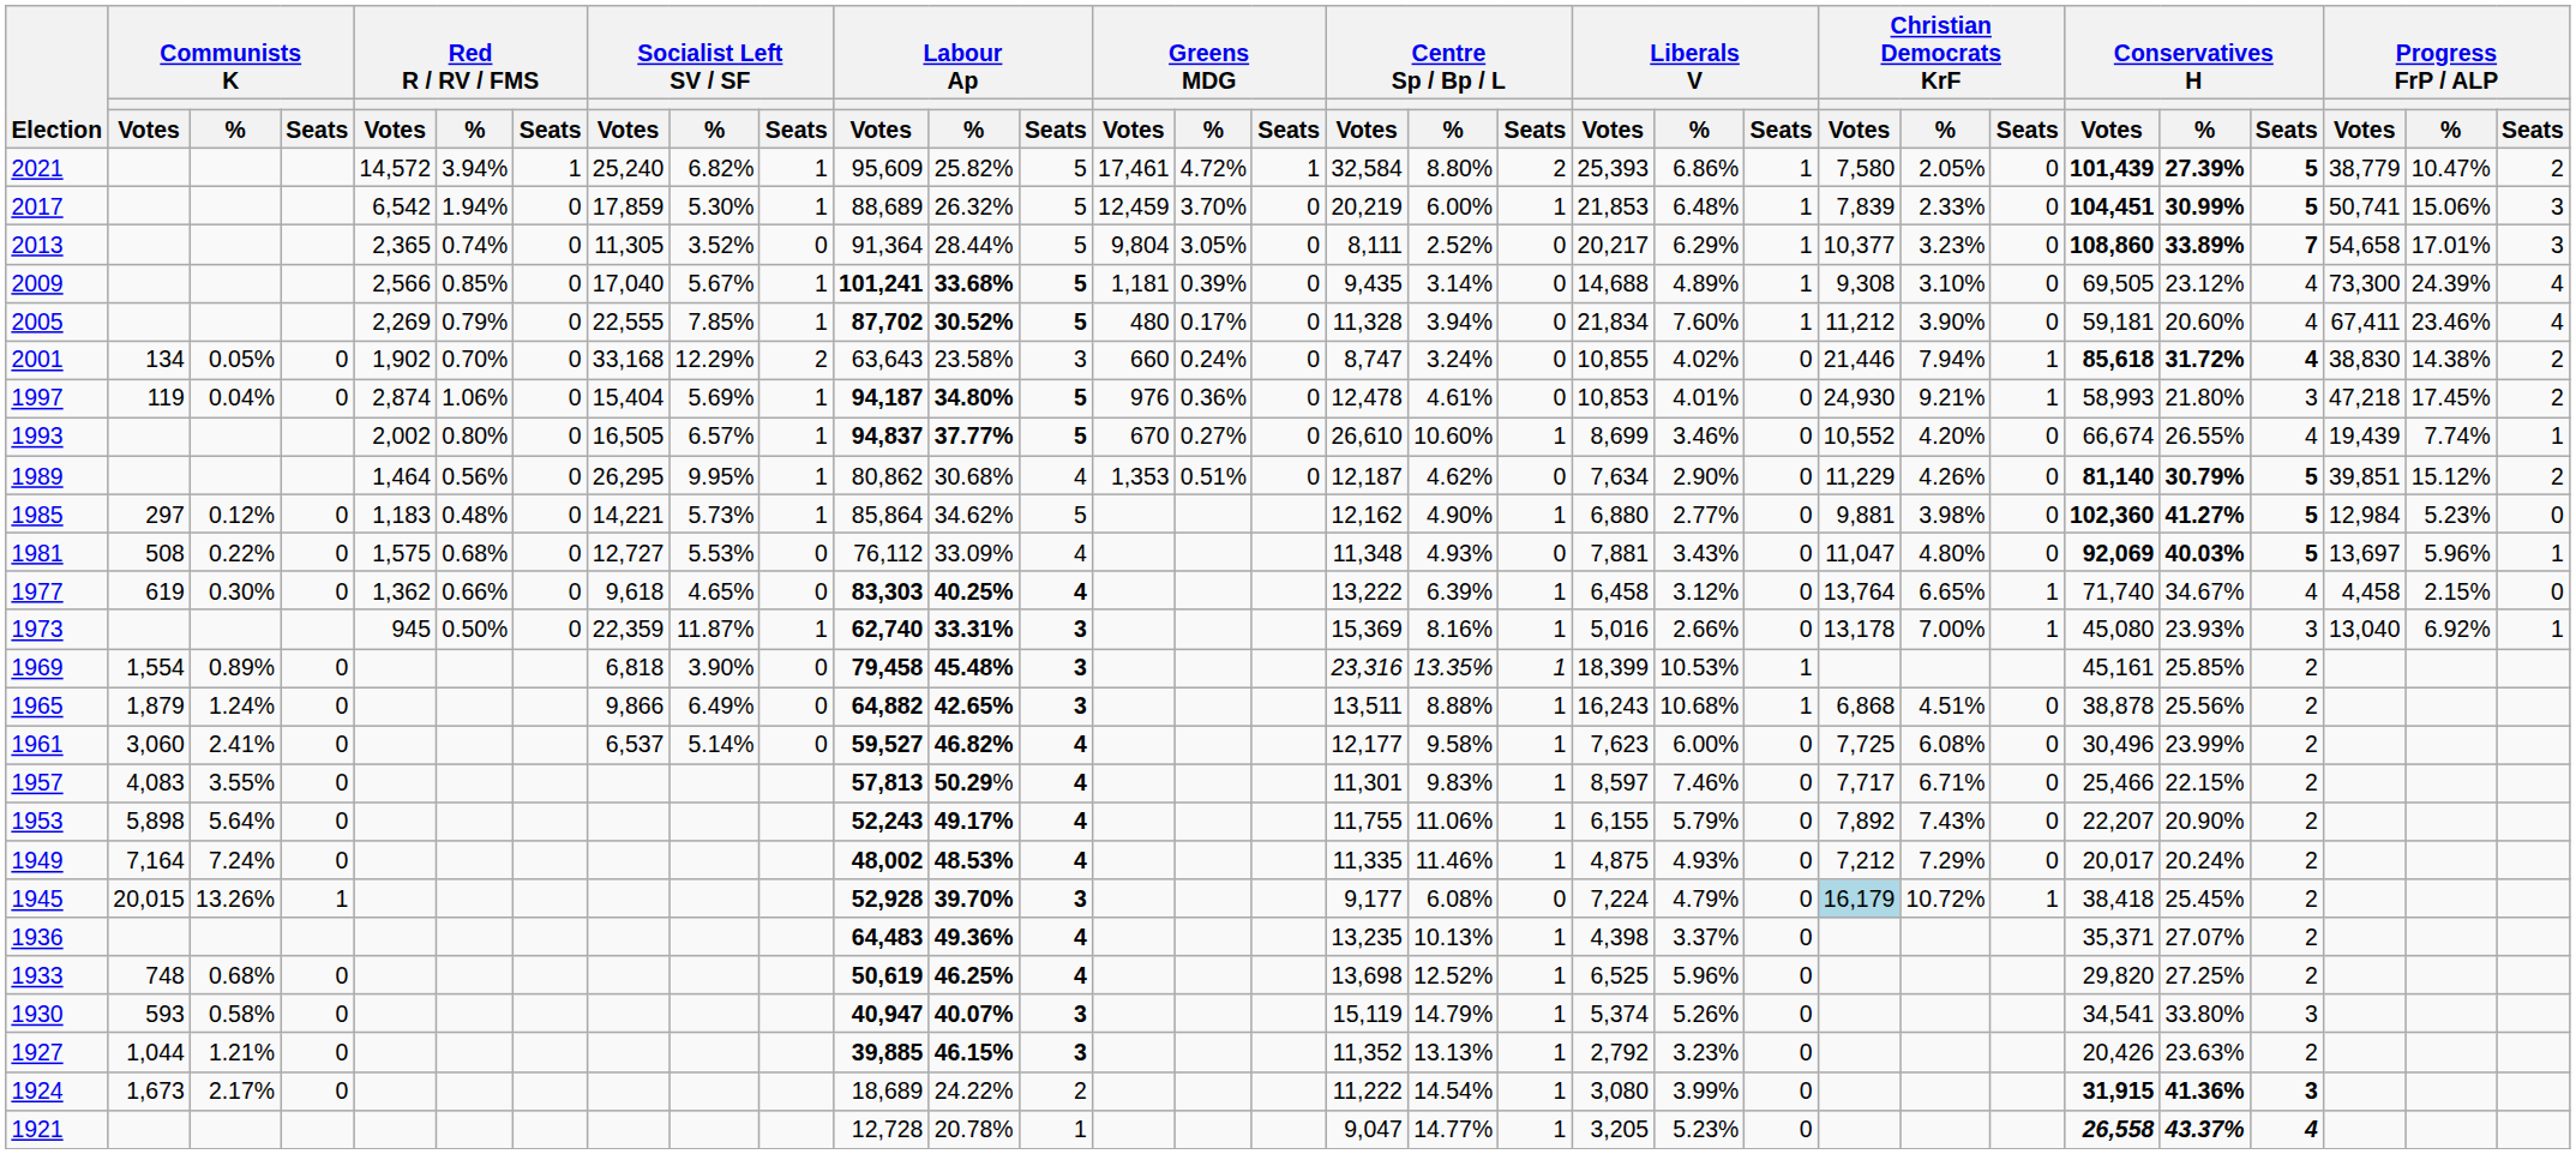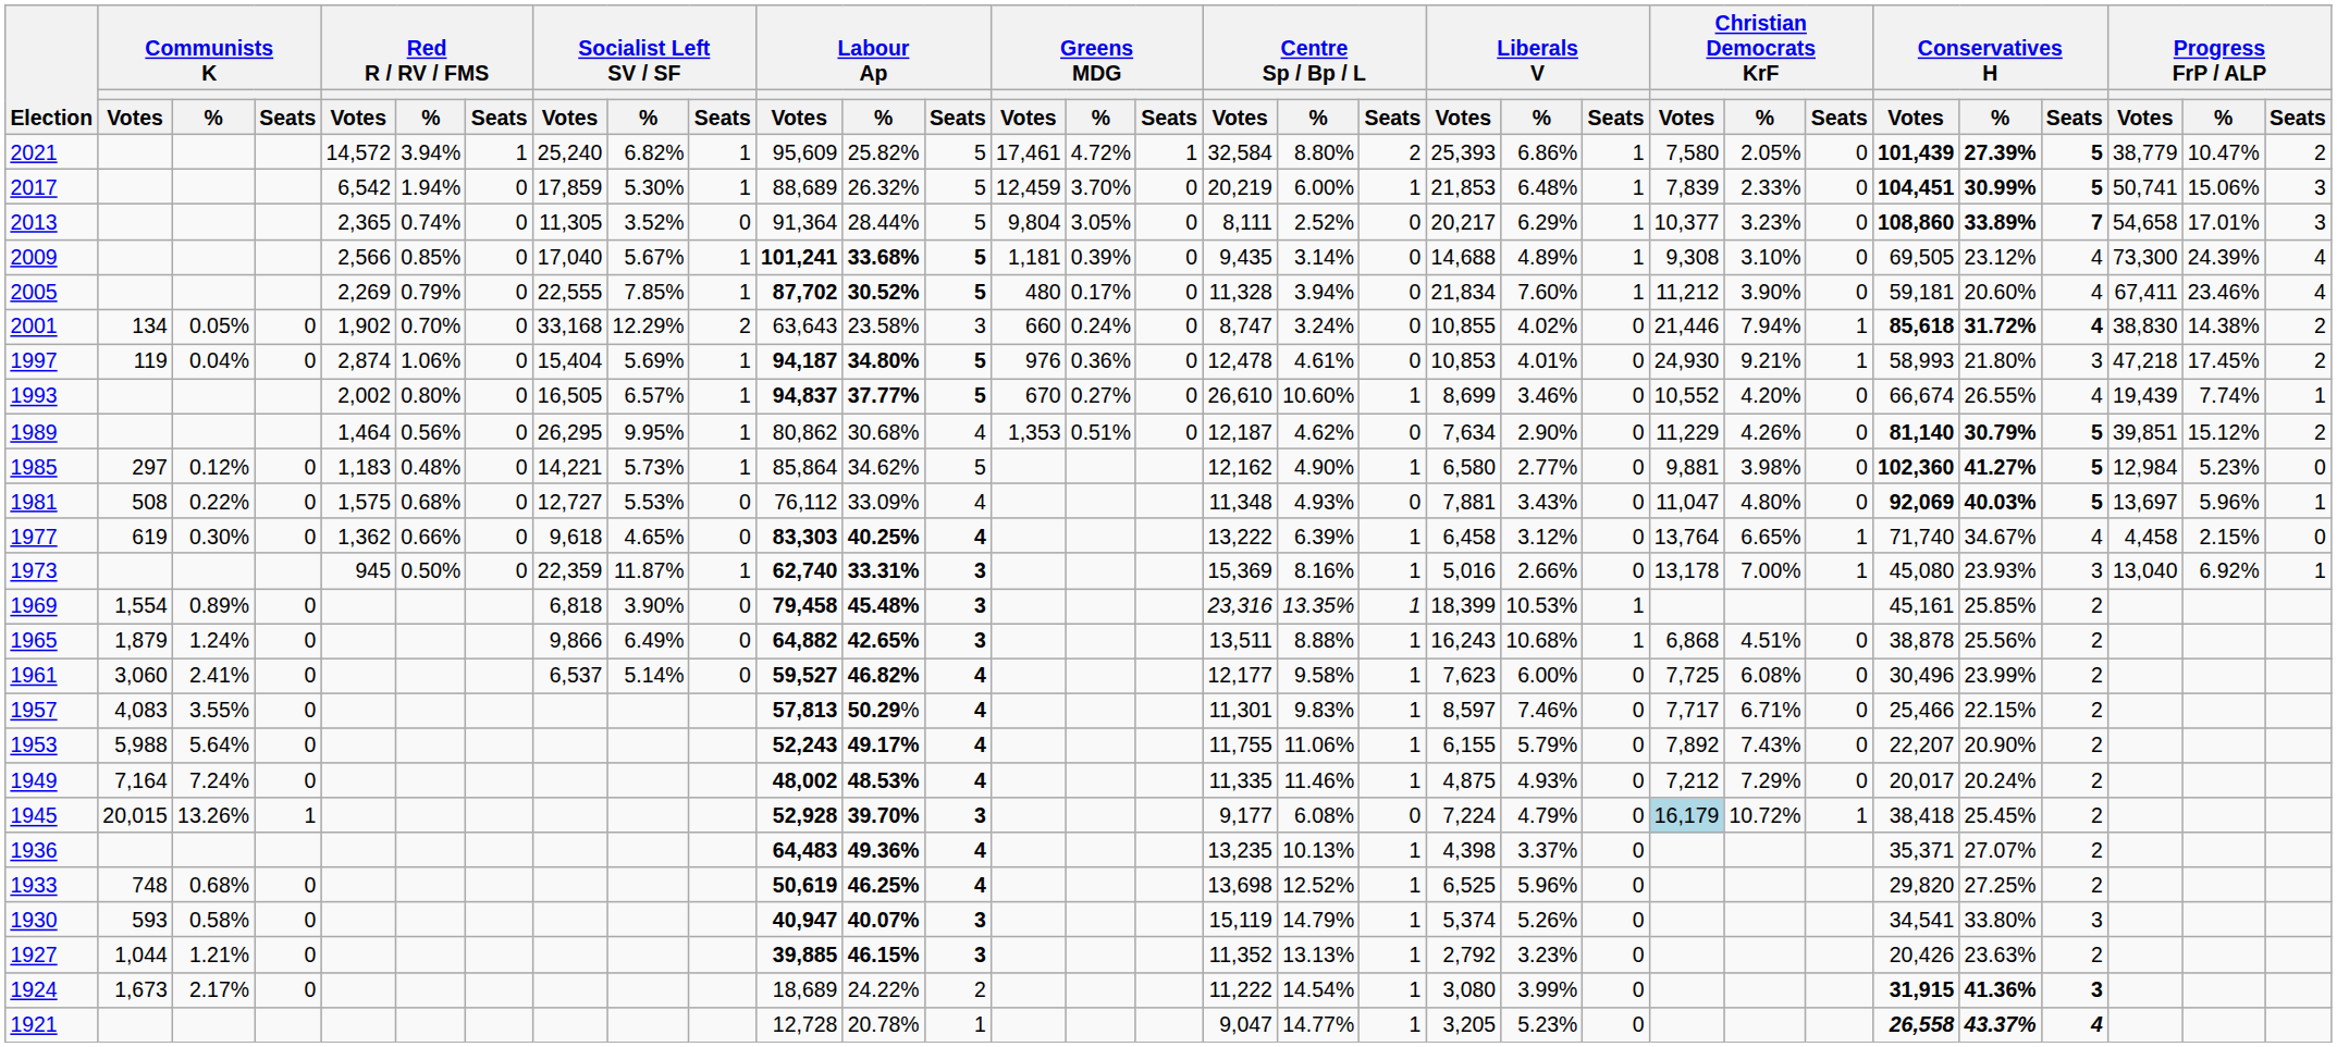 <table class="wikitable" border="1" style="font-size:80%; text-align:right;">
 <tr>
 <th style="text-align:left;" valign=bottom rowspan=3>Election</th>
 <th valign=bottom colspan=3><a href='#'>Communists</a><br>K</th>
 <th valign=bottom colspan=3><a href='#'>Red</a><br>R / RV / FMS</th>
 <th valign=bottom colspan=3><a href='#'>Socialist Left</a><br>SV / SF</th>
 <th valign=bottom colspan=3><a href='#'>Labour</a><br>Ap</th>
 <th valign=bottom colspan=3><a href='#'>Greens</a><br>MDG</th>
 <th valign=bottom colspan=3><a href='#'>Centre</a><br>Sp / Bp / L</th>
 <th valign=bottom colspan=3><a href='#'>Liberals</a><br>V</th>
 <th valign=bottom colspan=3><a href='#'>Christian<br>Democrats</a><br>KrF</th>
 <th valign=bottom colspan=3><a href='#'>Conservatives</a><br>H</th>
 <th valign=bottom colspan=3><a href='#'>Progress</a><br>FrP / ALP</th>
 </tr>
 <tr>
 <th colspan=3 style="background:"></th>
 <th colspan=3 style="background:"></th>
 <th colspan=3 style="background:"></th>
 <th colspan=3 style="background:"></th>
 <th colspan=3 style="background:"></th>
 <th colspan=3 style="background:"></th>
 <th colspan=3 style="background:"></th>
 <th colspan=3 style="background:"></th>
 <th colspan=3 style="background:"></th>
 <th colspan=3 style="background:"></th>
 </tr>
 <tr>
 <th>Votes</th>
 <th>%</th>
 <th>Seats</th>
 <th>Votes</th>
 <th>%</th>
 <th>Seats</th>
 <th>Votes</th>
 <th>%</th>
 <th>Seats</th>
 <th>Votes</th>
 <th>%</th>
 <th>Seats</th>
 <th>Votes</th>
 <th>%</th>
 <th>Seats</th>
 <th>Votes</th>
 <th>%</th>
 <th>Seats</th>
 <th>Votes</th>
 <th>%</th>
 <th>Seats</th>
 <th>Votes</th>
 <th>%</th>
 <th>Seats</th>
 <th>Votes</th>
 <th>%</th>
 <th>Seats</th>
 <th>Votes</th>
 <th>%</th>
 <th>Seats</th>
 </tr>
 <tr>
 <td align=left><a href='#'>2021</a></td>
 <td></td>
 <td></td>
 <td></td>
 <td>14,572</td>
 <td>3.94%</td>
 <td>1</td>
 <td>25,240</td>
 <td>6.82%</td>
 <td>1</td>
 <td>95,609</td>
 <td>25.82%</td>
 <td>5</td>
 <td>17,461</td>
 <td>4.72%</td>
 <td>1</td>
 <td>32,584</td>
 <td>8.80%</td>
 <td>2</td>
 <td>25,393</td>
 <td>6.86%</td>
 <td>1</td>
 <td>7,580</td>
 <td>2.05%</td>
 <td>0</td>
 <td><strong>101,439</strong></td>
 <td><strong>27.39%</strong></td>
 <td><strong>5</strong></td>
 <td>38,779</td>
 <td>10.47%</td>
 <td>2</td>
 </tr>
 <tr>
 <td align=left><a href='#'>2017</a></td>
 <td></td>
 <td></td>
 <td></td>
 <td>6,542</td>
 <td>1.94%</td>
 <td>0</td>
 <td>17,859</td>
 <td>5.30%</td>
 <td>1</td>
 <td>88,689</td>
 <td>26.32%</td>
 <td>5</td>
 <td>12,459</td>
 <td>3.70%</td>
 <td>0</td>
 <td>20,219</td>
 <td>6.00%</td>
 <td>1</td>
 <td>21,853</td>
 <td>6.48%</td>
 <td>1</td>
 <td>7,839</td>
 <td>2.33%</td>
 <td>0</td>
 <td><strong>104,451</strong></td>
 <td><strong>30.99%</strong></td>
 <td><strong>5</strong></td>
 <td>50,741</td>
 <td>15.06%</td>
 <td>3</td>
 </tr>
 <tr>
 <td align=left><a href='#'>2013</a></td>
 <td></td>
 <td></td>
 <td></td>
 <td>2,365</td>
 <td>0.74%</td>
 <td>0</td>
 <td>11,305</td>
 <td>3.52%</td>
 <td>0</td>
 <td>91,364</td>
 <td>28.44%</td>
 <td>5</td>
 <td>9,804</td>
 <td>3.05%</td>
 <td>0</td>
 <td>8,111</td>
 <td>2.52%</td>
 <td>0</td>
 <td>20,217</td>
 <td>6.29%</td>
 <td>1</td>
 <td>10,377</td>
 <td>3.23%</td>
 <td>0</td>
 <td><strong>108,860</strong></td>
 <td><strong>33.89%</strong></td>
 <td><strong>7</strong></td>
 <td>54,658</td>
 <td>17.01%</td>
 <td>3</td>
 </tr>
 <tr>
 <td align=left><a href='#'>2009</a></td>
 <td></td>
 <td></td>
 <td></td>
 <td>2,566</td>
 <td>0.85%</td>
 <td>0</td>
 <td>17,040</td>
 <td>5.67%</td>
 <td>1</td>
 <td><strong>101,241</strong></td>
 <td><strong>33.68%</strong></td>
 <td><strong>5</strong></td>
 <td>1,181</td>
 <td>0.39%</td>
 <td>0</td>
 <td>9,435</td>
 <td>3.14%</td>
 <td>0</td>
 <td>14,688</td>
 <td>4.89%</td>
 <td>1</td>
 <td>9,308</td>
 <td>3.10%</td>
 <td>0</td>
 <td>69,505</td>
 <td>23.12%</td>
 <td>4</td>
 <td>73,300</td>
 <td>24.39%</td>
 <td>4</td>
 </tr>
 <tr>
 <td align=left><a href='#'>2005</a></td>
 <td></td>
 <td></td>
 <td></td>
 <td>2,269</td>
 <td>0.79%</td>
 <td>0</td>
 <td>22,555</td>
 <td>7.85%</td>
 <td>1</td>
 <td><strong>87,702</strong></td>
 <td><strong>30.52%</strong></td>
 <td><strong>5</strong></td>
 <td>480</td>
 <td>0.17%</td>
 <td>0</td>
 <td>11,328</td>
 <td>3.94%</td>
 <td>0</td>
 <td>21,834</td>
 <td>7.60%</td>
 <td>1</td>
 <td>11,212</td>
 <td>3.90%</td>
 <td>0</td>
 <td>59,181</td>
 <td>20.60%</td>
 <td>4</td>
 <td>67,411</td>
 <td>23.46%</td>
 <td>4</td>
 </tr>
 <tr>
 <td align=left><a href='#'>2001</a></td>
 <td>134</td>
 <td>0.05%</td>
 <td>0</td>
 <td>1,902</td>
 <td>0.70%</td>
 <td>0</td>
 <td>33,168</td>
 <td>12.29%</td>
 <td>2</td>
 <td>63,643</td>
 <td>23.58%</td>
 <td>3</td>
 <td>660</td>
 <td>0.24%</td>
 <td>0</td>
 <td>8,747</td>
 <td>3.24%</td>
 <td>0</td>
 <td>10,855</td>
 <td>4.02%</td>
 <td>0</td>
 <td>21,446</td>
 <td>7.94%</td>
 <td>1</td>
 <td><strong>85,618</strong></td>
 <td><strong>31.72%</strong></td>
 <td><strong>4</strong></td>
 <td>38,830</td>
 <td>14.38%</td>
 <td>2</td>
 </tr>
 <tr>
 <td align=left><a href='#'>1997</a></td>
 <td>119</td>
 <td>0.04%</td>
 <td>0</td>
 <td>2,874</td>
 <td>1.06%</td>
 <td>0</td>
 <td>15,404</td>
 <td>5.69%</td>
 <td>1</td>
 <td><strong>94,187</strong></td>
 <td><strong>34.80%</strong></td>
 <td><strong>5</strong></td>
 <td>976</td>
 <td>0.36%</td>
 <td>0</td>
 <td>12,478</td>
 <td>4.61%</td>
 <td>0</td>
 <td>10,853</td>
 <td>4.01%</td>
 <td>0</td>
 <td>24,930</td>
 <td>9.21%</td>
 <td>1</td>
 <td>58,993</td>
 <td>21.80%</td>
 <td>3</td>
 <td>47,218</td>
 <td>17.45%</td>
 <td>2</td>
 </tr>
 <tr>
 <td align=left><a href='#'>1993</a></td>
 <td></td>
 <td></td>
 <td></td>
 <td>2,002</td>
 <td>0.80%</td>
 <td>0</td>
 <td>16,505</td>
 <td>6.57%</td>
 <td>1</td>
 <td><strong>94,837</strong></td>
 <td><strong>37.77%</strong></td>
 <td><strong>5</strong></td>
 <td>670</td>
 <td>0.27%</td>
 <td>0</td>
 <td>26,610</td>
 <td>10.60%</td>
 <td>1</td>
 <td>8,699</td>
 <td>3.46%</td>
 <td>0</td>
 <td>10,552</td>
 <td>4.20%</td>
 <td>0</td>
 <td>66,674</td>
 <td>26.55%</td>
 <td>4</td>
 <td>19,439</td>
 <td>7.74%</td>
 <td>1</td>
 </tr>
 <tr>
 <td align=left><a href='#'>1989</a></td>
 <td></td>
 <td></td>
 <td></td>
 <td>1,464</td>
 <td>0.56%</td>
 <td>0</td>
 <td>26,295</td>
 <td>9.95%</td>
 <td>1</td>
 <td>80,862</td>
 <td>30.68%</td>
 <td>4</td>
 <td>1,353</td>
 <td>0.51%</td>
 <td>0</td>
 <td>12,187</td>
 <td>4.62%</td>
 <td>0</td>
 <td>7,634</td>
 <td>2.90%</td>
 <td>0</td>
 <td>11,229</td>
 <td>4.26%</td>
 <td>0</td>
 <td><strong>81,140</strong></td>
 <td><strong>30.79%</strong></td>
 <td><strong>5</strong></td>
 <td>39,851</td>
 <td>15.12%</td>
 <td>2</td>
 </tr>
 <tr>
 <td align=left><a href='#'>1985</a></td>
 <td>297</td>
 <td>0.12%</td>
 <td>0</td>
 <td>1,183</td>
 <td>0.48%</td>
 <td>0</td>
 <td>14,221</td>
 <td>5.73%</td>
 <td>1</td>
 <td>85,864</td>
 <td>34.62%</td>
 <td>5</td>
 <td></td>
 <td></td>
 <td></td>
 <td>12,162</td>
 <td>4.90%</td>
 <td>1</td>
-<td>6,880</td>
+<td>6,580</td>
 <td>2.77%</td>
 <td>0</td>
 <td>9,881</td>
 <td>3.98%</td>
 <td>0</td>
 <td><strong>102,360</strong></td>
 <td><strong>41.27%</strong></td>
 <td><strong>5</strong></td>
 <td>12,984</td>
 <td>5.23%</td>
 <td>0</td>
 </tr>
 <tr>
 <td align=left><a href='#'>1981</a></td>
 <td>508</td>
 <td>0.22%</td>
 <td>0</td>
 <td>1,575</td>
 <td>0.68%</td>
 <td>0</td>
 <td>12,727</td>
 <td>5.53%</td>
 <td>0</td>
 <td>76,112</td>
 <td>33.09%</td>
 <td>4</td>
 <td></td>
 <td></td>
 <td></td>
 <td>11,348</td>
 <td>4.93%</td>
 <td>0</td>
 <td>7,881</td>
 <td>3.43%</td>
 <td>0</td>
 <td>11,047</td>
 <td>4.80%</td>
 <td>0</td>
 <td><strong>92,069</strong></td>
 <td><strong>40.03%</strong></td>
 <td><strong>5</strong></td>
 <td>13,697</td>
 <td>5.96%</td>
 <td>1</td>
 </tr>
 <tr>
 <td align=left><a href='#'>1977</a></td>
 <td>619</td>
 <td>0.30%</td>
 <td>0</td>
 <td>1,362</td>
 <td>0.66%</td>
 <td>0</td>
 <td>9,618</td>
 <td>4.65%</td>
 <td>0</td>
 <td><strong>83,303</strong></td>
 <td><strong>40.25%</strong></td>
 <td><strong>4</strong></td>
 <td></td>
 <td></td>
 <td></td>
 <td>13,222</td>
 <td>6.39%</td>
 <td>1</td>
 <td>6,458</td>
 <td>3.12%</td>
 <td>0</td>
 <td>13,764</td>
 <td>6.65%</td>
 <td>1</td>
 <td>71,740</td>
 <td>34.67%</td>
 <td>4</td>
 <td>4,458</td>
 <td>2.15%</td>
 <td>0</td>
 </tr>
 <tr>
 <td align=left><a href='#'>1973</a></td>
 <td></td>
 <td></td>
 <td></td>
 <td>945</td>
 <td>0.50%</td>
 <td>0</td>
 <td>22,359</td>
 <td>11.87%</td>
 <td>1</td>
 <td><strong>62,740</strong></td>
 <td><strong>33.31%</strong></td>
 <td><strong>3</strong></td>
 <td></td>
 <td></td>
 <td></td>
 <td>15,369</td>
 <td>8.16%</td>
 <td>1</td>
 <td>5,016</td>
 <td>2.66%</td>
 <td>0</td>
 <td>13,178</td>
 <td>7.00%</td>
 <td>1</td>
 <td>45,080</td>
 <td>23.93%</td>
 <td>3</td>
 <td>13,040</td>
 <td>6.92%</td>
 <td>1</td>
 </tr>
 <tr>
 <td align=left><a href='#'>1969</a></td>
 <td>1,554</td>
 <td>0.89%</td>
 <td>0</td>
 <td></td>
 <td></td>
 <td></td>
 <td>6,818</td>
 <td>3.90%</td>
 <td>0</td>
 <td><strong>79,458</strong></td>
 <td><strong>45.48%</strong></td>
 <td><strong>3</strong></td>
 <td></td>
 <td></td>
 <td></td>
 <td><em>23,316</em></td>
 <td><em>13.35%</em></td>
 <td><em>1</em></td>
 <td>18,399</td>
 <td>10.53%</td>
 <td>1</td>
 <td></td>
 <td></td>
 <td></td>
 <td>45,161</td>
 <td>25.85%</td>
 <td>2</td>
 <td></td>
 <td></td>
 <td></td>
 </tr>
 <tr>
 <td align=left><a href='#'>1965</a></td>
 <td>1,879</td>
 <td>1.24%</td>
 <td>0</td>
 <td></td>
 <td></td>
 <td></td>
 <td>9,866</td>
 <td>6.49%</td>
 <td>0</td>
 <td><strong>64,882</strong></td>
 <td><strong>42.65%</strong></td>
 <td><strong>3</strong></td>
 <td></td>
 <td></td>
 <td></td>
 <td>13,511</td>
 <td>8.88%</td>
 <td>1</td>
 <td>16,243</td>
 <td>10.68%</td>
 <td>1</td>
 <td>6,868</td>
 <td>4.51%</td>
 <td>0</td>
 <td>38,878</td>
 <td>25.56%</td>
 <td>2</td>
 <td></td>
 <td></td>
 <td></td>
 </tr>
 <tr>
 <td align=left><a href='#'>1961</a></td>
 <td>3,060</td>
 <td>2.41%</td>
 <td>0</td>
 <td></td>
 <td></td>
 <td></td>
 <td>6,537</td>
 <td>5.14%</td>
 <td>0</td>
 <td><strong>59,527</strong></td>
 <td><strong>46.82%</strong></td>
 <td><strong>4</strong></td>
 <td></td>
 <td></td>
 <td></td>
 <td>12,177</td>
 <td>9.58%</td>
 <td>1</td>
 <td>7,623</td>
 <td>6.00%</td>
 <td>0</td>
 <td>7,725</td>
 <td>6.08%</td>
 <td>0</td>
 <td>30,496</td>
 <td>23.99%</td>
 <td>2</td>
 <td></td>
 <td></td>
 <td></td>
 </tr>
 <tr>
 <td align=left><a href='#'>1957</a></td>
 <td>4,083</td>
 <td>3.55%</td>
 <td>0</td>
 <td></td>
 <td></td>
 <td></td>
 <td></td>
 <td></td>
 <td></td>
 <td><strong>57,813</strong></td>
 <td><strong>50.29</strong>%</td>
 <td><strong>4</strong></td>
 <td></td>
 <td></td>
 <td></td>
 <td>11,301</td>
 <td>9.83%</td>
 <td>1</td>
 <td>8,597</td>
 <td>7.46%</td>
 <td>0</td>
 <td>7,717</td>
 <td>6.71%</td>
 <td>0</td>
 <td>25,466</td>
 <td>22.15%</td>
 <td>2</td>
 <td></td>
 <td></td>
 <td></td>
 </tr>
 <tr>
 <td align=left><a href='#'>1953</a></td>
-<td>5,898</td>
+<td>5,988</td>
 <td>5.64%</td>
 <td>0</td>
 <td></td>
 <td></td>
 <td></td>
 <td></td>
 <td></td>
 <td></td>
 <td><strong>52,243</strong></td>
 <td><strong>49.17%</strong></td>
 <td><strong>4</strong></td>
 <td></td>
 <td></td>
 <td></td>
 <td>11,755</td>
 <td>11.06%</td>
 <td>1</td>
 <td>6,155</td>
 <td>5.79%</td>
 <td>0</td>
 <td>7,892</td>
 <td>7.43%</td>
 <td>0</td>
 <td>22,207</td>
 <td>20.90%</td>
 <td>2</td>
 <td></td>
 <td></td>
 <td></td>
 </tr>
 <tr>
 <td align=left><a href='#'>1949</a></td>
 <td>7,164</td>
 <td>7.24%</td>
 <td>0</td>
 <td></td>
 <td></td>
 <td></td>
 <td></td>
 <td></td>
 <td></td>
 <td><strong>48,002</strong></td>
 <td><strong>48.53%</strong></td>
 <td><strong>4</strong></td>
 <td></td>
 <td></td>
 <td></td>
 <td>11,335</td>
 <td>11.46%</td>
 <td>1</td>
 <td>4,875</td>
 <td>4.93%</td>
 <td>0</td>
 <td>7,212</td>
 <td>7.29%</td>
 <td>0</td>
 <td>20,017</td>
 <td>20.24%</td>
 <td>2</td>
 <td></td>
 <td></td>
 <td></td>
 </tr>
 <tr>
 <td align=left><a href='#'>1945</a></td>
 <td>20,015</td>
 <td>13.26%</td>
 <td>1</td>
 <td></td>
 <td></td>
 <td></td>
 <td></td>
 <td></td>
 <td></td>
 <td><strong>52,928</strong></td>
 <td><strong>39.70%</strong></td>
 <td><strong>3</strong></td>
 <td></td>
 <td></td>
 <td></td>
 <td>9,177</td>
 <td>6.08%</td>
 <td>0</td>
 <td>7,224</td>
 <td>4.79%</td>
 <td>0</td>
 <td style="background: lightblue;">16,179</td>
 <td>10.72%</td>
 <td>1</td>
 <td>38,418</td>
 <td>25.45%</td>
 <td>2</td>
 <td></td>
 <td></td>
 <td></td>
 </tr>
 <tr>
 <td align=left><a href='#'>1936</a></td>
 <td></td>
 <td></td>
 <td></td>
 <td></td>
 <td></td>
 <td></td>
 <td></td>
 <td></td>
 <td></td>
 <td><strong>64,483</strong></td>
 <td><strong>49.36%</strong></td>
 <td><strong>4</strong></td>
 <td></td>
 <td></td>
 <td></td>
 <td>13,235</td>
 <td>10.13%</td>
 <td>1</td>
 <td>4,398</td>
 <td>3.37%</td>
 <td>0</td>
 <td></td>
 <td></td>
 <td></td>
 <td>35,371</td>
 <td>27.07%</td>
 <td>2</td>
 <td></td>
 <td></td>
 <td></td>
 </tr>
 <tr>
 <td align=left><a href='#'>1933</a></td>
 <td>748</td>
 <td>0.68%</td>
 <td>0</td>
 <td></td>
 <td></td>
 <td></td>
 <td></td>
 <td></td>
 <td></td>
 <td><strong>50,619</strong></td>
 <td><strong>46.25%</strong></td>
 <td><strong>4</strong></td>
 <td></td>
 <td></td>
 <td></td>
 <td>13,698</td>
 <td>12.52%</td>
 <td>1</td>
 <td>6,525</td>
 <td>5.96%</td>
 <td>0</td>
 <td></td>
 <td></td>
 <td></td>
 <td>29,820</td>
 <td>27.25%</td>
 <td>2</td>
 <td></td>
 <td></td>
 <td></td>
 </tr>
 <tr>
 <td align=left><a href='#'>1930</a></td>
 <td>593</td>
 <td>0.58%</td>
 <td>0</td>
 <td></td>
 <td></td>
 <td></td>
 <td></td>
 <td></td>
 <td></td>
 <td><strong>40,947</strong></td>
 <td><strong>40.07%</strong></td>
 <td><strong>3</strong></td>
 <td></td>
 <td></td>
 <td></td>
 <td>15,119</td>
 <td>14.79%</td>
 <td>1</td>
 <td>5,374</td>
 <td>5.26%</td>
 <td>0</td>
 <td></td>
 <td></td>
 <td></td>
 <td>34,541</td>
 <td>33.80%</td>
 <td>3</td>
 <td></td>
 <td></td>
 <td></td>
 </tr>
 <tr>
 <td align=left><a href='#'>1927</a></td>
 <td>1,044</td>
 <td>1.21%</td>
 <td>0</td>
 <td></td>
 <td></td>
 <td></td>
 <td></td>
 <td></td>
 <td></td>
 <td><strong>39,885</strong></td>
 <td><strong>46.15%</strong></td>
 <td><strong>3</strong></td>
 <td></td>
 <td></td>
 <td></td>
 <td>11,352</td>
 <td>13.13%</td>
 <td>1</td>
 <td>2,792</td>
 <td>3.23%</td>
 <td>0</td>
 <td></td>
 <td></td>
 <td></td>
 <td>20,426</td>
 <td>23.63%</td>
 <td>2</td>
 <td></td>
 <td></td>
 <td></td>
 </tr>
 <tr>
 <td align=left><a href='#'>1924</a></td>
 <td>1,673</td>
 <td>2.17%</td>
 <td>0</td>
 <td></td>
 <td></td>
 <td></td>
 <td></td>
 <td></td>
 <td></td>
 <td>18,689</td>
 <td>24.22%</td>
 <td>2</td>
 <td></td>
 <td></td>
 <td></td>
 <td>11,222</td>
 <td>14.54%</td>
 <td>1</td>
 <td>3,080</td>
 <td>3.99%</td>
 <td>0</td>
 <td></td>
 <td></td>
 <td></td>
 <td><strong>31,915</strong></td>
 <td><strong>41.36%</strong></td>
 <td><strong>3</strong></td>
 <td></td>
 <td></td>
 <td></td>
 </tr>
 <tr>
 <td align=left><a href='#'>1921</a></td>
 <td></td>
 <td></td>
 <td></td>
 <td></td>
 <td></td>
 <td></td>
 <td></td>
 <td></td>
 <td></td>
 <td>12,728</td>
 <td>20.78%</td>
 <td>1</td>
 <td></td>
 <td></td>
 <td></td>
 <td>9,047</td>
 <td>14.77%</td>
 <td>1</td>
 <td>3,205</td>
 <td>5.23%</td>
 <td>0</td>
 <td></td>
 <td></td>
 <td></td>
 <td><strong><em>26,558</em></strong></td>
 <td><strong><em>43.37%</em></strong></td>
 <td><strong><em>4</em></strong></td>
 <td></td>
 <td></td>
 <td></td>
 </tr>
 </table>
